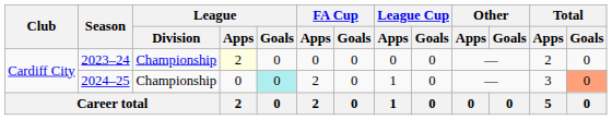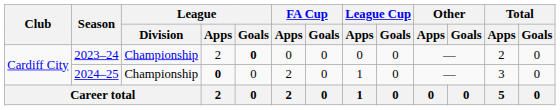 <table class="wikitable" style="text-align: center">
 <tr>
 <th rowspan="2">Club</th>
 <th rowspan="2">Season</th>
 <th colspan="3">League</th>
 <th colspan="2"><a href='#'>FA Cup</a></th>
 <th colspan="2"><a href='#'>League Cup</a></th>
 <th colspan="2">Other</th>
 <th colspan="2">Total</th>
 </tr>
 <tr>
 <th>Division</th>
 <th>Apps</th>
 <th>Goals</th>
 <th>Apps</th>
 <th>Goals</th>
 <th>Apps</th>
 <th>Goals</th>
 <th>Apps</th>
 <th>Goals</th>
 <th>Apps</th>
 <th>Goals</th>
 </tr>
 <tr>
 <td rowspan="2"><a href='#'>Cardiff City</a></td>
 <td><a href='#'>2023–24</a></td>
 <td><a href='#'>Championship</a></td>
-<td style="background: lightyellow;">2</td>
-<td>0</td>
+<td>2</td>
+<td><strong>0</strong></td>
 <td>0</td>
 <td>0</td>
 <td>0</td>
 <td>0</td>
 <td colspan="2">—</td>
 <td>2</td>
 <td>0</td>
 </tr>
 <tr>
 <td><a href='#'>2024–25</a></td>
 <td>Championship</td>
+<td><strong>0</strong></td>
 <td>0</td>
-<td style="background: paleturquoise;">0</td>
 <td>2</td>
 <td>0</td>
 <td>1</td>
 <td>0</td>
 <td colspan="2">—</td>
 <td>3</td>
-<td style="background: lightsalmon;">0</td>
+<td>0</td>
 </tr>
 <tr>
 <th colspan="3">Career total</th>
 <th>2</th>
 <th>0</th>
 <th>2</th>
 <th>0</th>
 <th>1</th>
 <th>0</th>
 <th>0</th>
 <th>0</th>
 <th>5</th>
 <th>0</th>
 </tr>
 </table>
